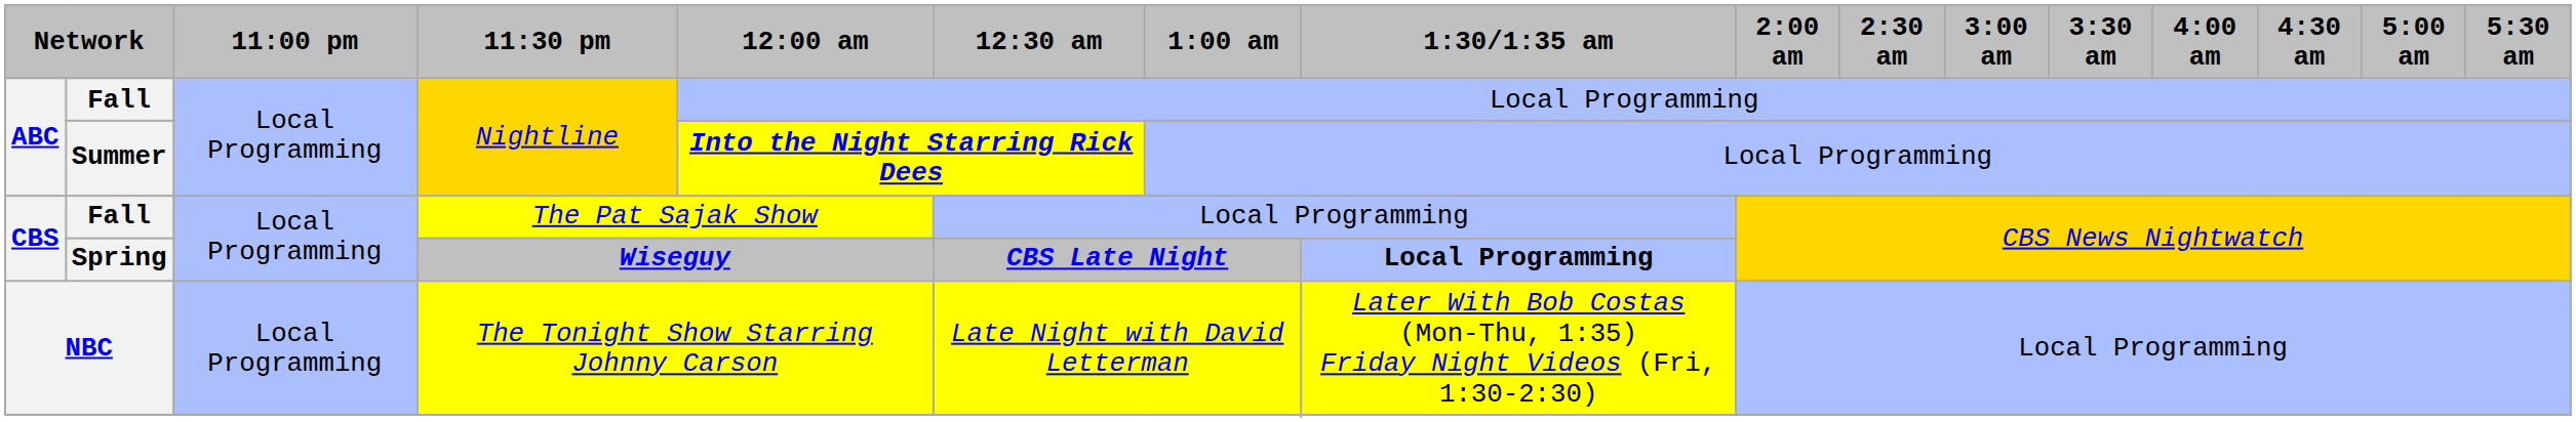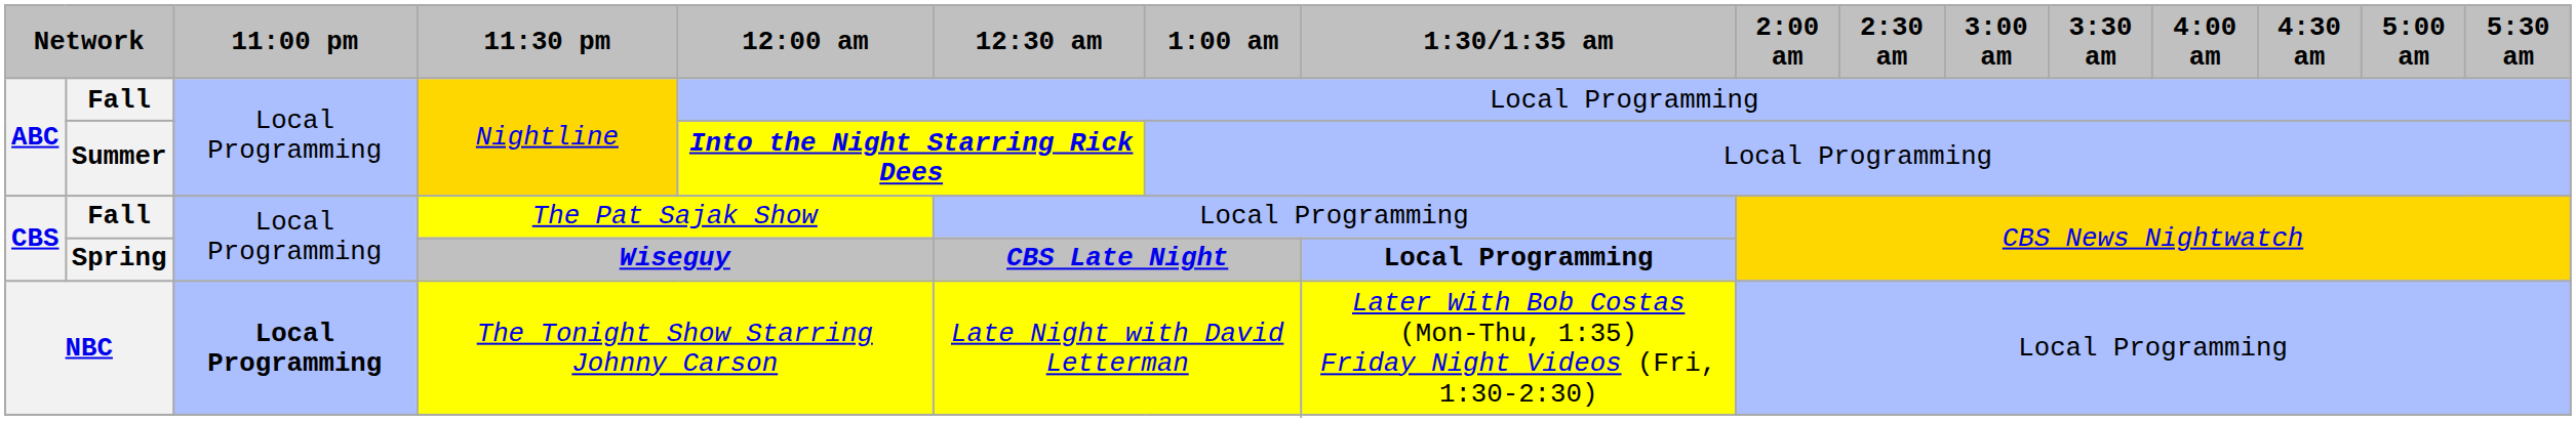 <table class="wikitable" style="width:100%;margin-right:0;text-align:center">
 <tr>
 <th colspan="2" style="background-color:#C0C0C0;text-align:center">Network</th>
 <th style="background-color:#C0C0C0;text-align:center">11:00 pm</th>
 <th style="background-color:#C0C0C0;text-align:center">11:30 pm</th>
 <th style="background-color:#C0C0C0;text-align:center">12:00 am</th>
 <th style="background-color:#C0C0C0;text-align:center">12:30 am</th>
 <th style="background-color:#C0C0C0;text-align:center">1:00 am</th>
 <th style="background-color:#C0C0C0;text-align:center">1:30/1:35 am</th>
 <th style="background-color:#C0C0C0;text-align:center">2:00 am</th>
 <th style="background-color:#C0C0C0;text-align:center">2:30 am</th>
 <th style="background-color:#C0C0C0;text-align:center">3:00 am</th>
 <th style="background-color:#C0C0C0;text-align:center">3:30 am</th>
 <th style="background-color:#C0C0C0;text-align:center">4:00 am</th>
 <th style="background-color:#C0C0C0;text-align:center">4:30 am</th>
 <th style="background-color:#C0C0C0;text-align:center">5:00 am</th>
 <th style="background-color:#C0C0C0;text-align:center">5:30 am</th>
 </tr>
 <tr>
 <th colspan="1" rowspan="2"><a href='#'>ABC</a></th>
 <th>Fall</th>
 <td colspan="1" rowspan="2"  style="background:#abbfff">Local Programming</td>
 <td colspan="1" rowspan="2"  style="background:gold"><em><a href='#'>Nightline</a></em></td>
 <td colspan="12"  style="background:#abbfff">Local Programming</td>
 </tr>
 <tr>
 <th>Summer</th>
 <td colspan="2" style="background:yellow"><strong><em><a href='#'>Into the Night Starring Rick Dees</a></em></strong></td>
 <td colspan="10"  style="background:#abbfff">Local Programming</td>
 </tr>
 <tr>
 <th colspan="1" rowspan="2"><a href='#'>CBS</a></th>
 <th>Fall</th>
 <td colspan="1" rowspan="2" style="background:#abbfff">Local Programming</td>
 <td colspan="2" style="background:yellow"><em><a href='#'>The Pat Sajak Show</a></em></td>
 <td colspan="3" style="background:#abbfff">Local Programming</td>
 <td colspan="8" rowspan="2" style="background:gold"><em><a href='#'>CBS News Nightwatch</a></em></td>
 </tr>
 <tr>
 <th>Spring</th>
 <td colspan="2" style="background:#C0C0C0"><strong><em><a href='#'>Wiseguy</a></em></strong></td>
 <td colspan="2" style="background:#C0C0C0"><strong><em><a href='#'>CBS Late Night</a></em></strong></td>
 <td colspan="1" style="background:#abbfff"><strong>Local Programming</strong></td>
 </tr>
 <tr>
 <th colspan="2"><a href='#'>NBC</a></th>
-<td colspan="1" style="background:#abbfff">Local Programming</td>
+<td colspan="1" style="background:#abbfff"><strong>Local Programming</strong></td>
 <td colspan="2" style="background:yellow"><em><a href='#'>The Tonight Show Starring Johnny Carson</a></em></td>
 <td colspan="2" rowspan="3" style="background:yellow"><em><a href='#'>Late Night with David Letterman</a></em></td>
 <td colspan="1" rowspan="3" style="background:yellow"><em><a href='#'>Later With Bob Costas</a></em> (Mon-Thu, 1:35) <br> <em><a href='#'>Friday Night Videos</a></em> (Fri, 1:30-2:30)</td>
 <td colspan="8" style="background:#abbfff">Local Programming</td>
 </tr>
 <tr>
 </tr>
 </table>
